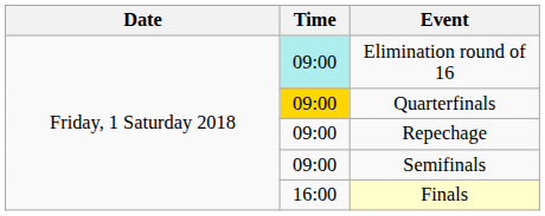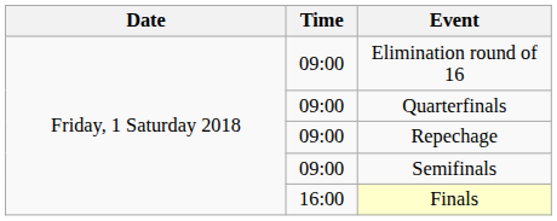 <table class = "wikitable" style="text-align:center;">
 <tr>
 <th width=220>Date</th>
 <th width=50>Time</th>
 <th width=150>Event</th>
 </tr>
 <tr>
 <td rowspan=5>Friday, 1 Saturday 2018</td>
-<td style="background: paleturquoise;">09:00</td>
+<td>09:00</td>
 <td>Elimination round of 16</td>
 </tr>
 <tr>
-<td style="background: gold;">09:00</td>
+<td>09:00</td>
 <td>Quarterfinals</td>
 </tr>
 <tr>
 <td>09:00</td>
 <td>Repechage</td>
 </tr>
 <tr>
 <td>09:00</td>
 <td>Semifinals</td>
 </tr>
 <tr>
 <td>16:00</td>
 <td bgcolor=ffffcc>Finals</td>
 </tr>
 </table>
